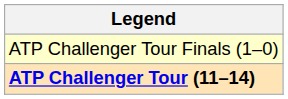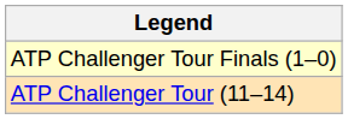 <table class=wikitable style=font-size:97%>
 <tr>
 <th>Legend</th>
 </tr>
 <tr bgcolor=ffffcc>
 <td>ATP Challenger Tour Finals (1–0)</td>
 </tr>
 <tr style="background:moccasin;">
-<td><strong><a href='#'>ATP Challenger Tour</a> (11–14)</strong></td>
+<td><a href='#'>ATP Challenger Tour</a> (11–14)</td>
 </tr>
 </table>
